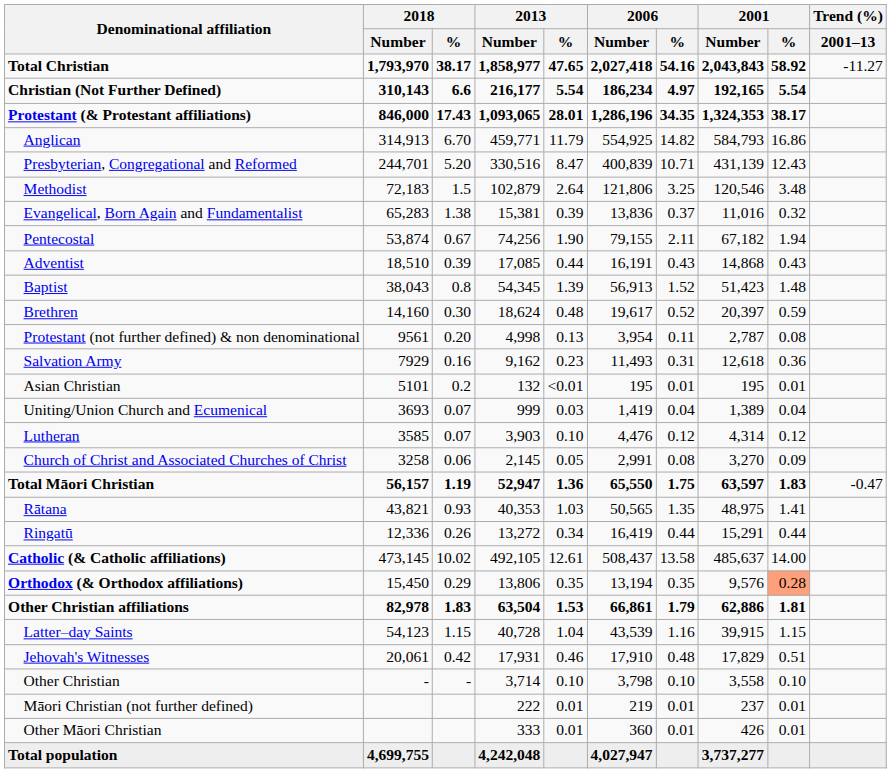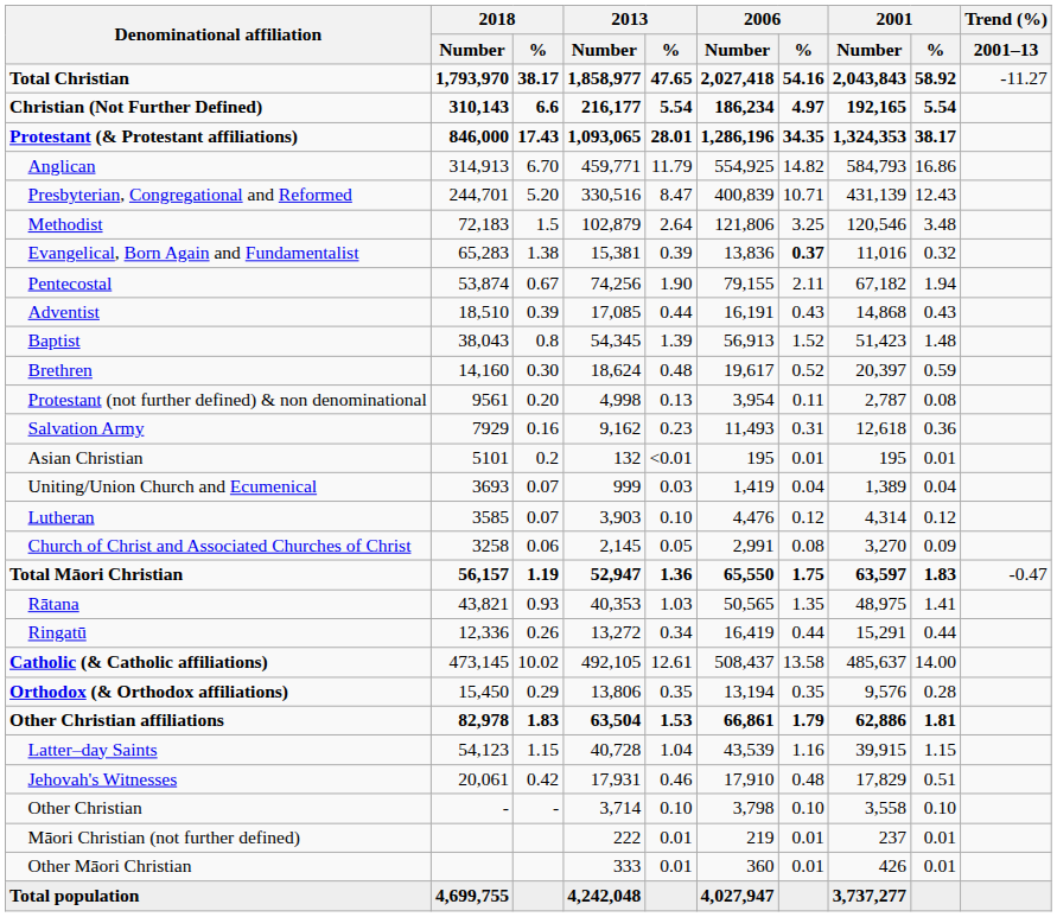 <table class="wikitable">
 <tr>
 <th rowspan=2>Denominational affiliation</th>
 <th colspan="2">2018</th>
 <th colspan="2">2013</th>
 <th colspan="2">2006</th>
 <th colspan="2">2001</th>
 <th>Trend (%)</th>
 </tr>
 <tr>
 <th>Number</th>
 <th>%</th>
 <th>Number</th>
 <th>%</th>
 <th>Number</th>
 <th>%</th>
 <th>Number</th>
 <th>%</th>
 <th>2001–13</th>
 </tr>
 <tr align=right>
 <td align=left><strong>Total Christian</strong></td>
 <td><strong>1,793,970</strong></td>
 <td><strong>38.17</strong></td>
 <td><strong>1,858,977</strong></td>
 <td><strong>47.65</strong></td>
 <td><strong>2,027,418</strong></td>
 <td><strong>54.16</strong></td>
 <td><strong>2,043,843</strong></td>
 <td><strong>58.92</strong></td>
 <td> -11.27</td>
 </tr>
 <tr align="right">
 <td align="left"><strong>Christian (Not Further Defined)</strong></td>
 <td><strong>310,143</strong></td>
 <td><strong>6.6</strong></td>
 <td><strong>216,177</strong></td>
 <td><strong>5.54</strong></td>
 <td><strong>186,234</strong></td>
 <td><strong>4.97</strong></td>
 <td><strong>192,165</strong></td>
 <td><strong>5.54</strong></td>
 <td><strong></strong></td>
 </tr>
 <tr align="right">
 <td align="left"><strong><a href='#'>Protestant</a> (& Protestant affiliations)</strong></td>
 <td><strong>846,000</strong></td>
 <td><strong>17.43</strong></td>
 <td><strong>1,093,065</strong></td>
 <td><strong>28.01</strong></td>
 <td><strong>1,286,196</strong></td>
 <td><strong>34.35</strong></td>
 <td><strong>1,324,353</strong></td>
 <td><strong>38.17</strong></td>
 <td></td>
 </tr>
 <tr align="right">
 <td align="left">    <a href='#'>Anglican</a></td>
 <td>314,913</td>
 <td>6.70</td>
 <td>459,771</td>
 <td>11.79</td>
 <td>554,925</td>
 <td>14.82</td>
 <td>584,793</td>
 <td>16.86</td>
 <td></td>
 </tr>
 <tr align="right">
 <td align="left">    <a href='#'>Presbyterian</a>, <a href='#'>Congregational</a> and <a href='#'>Reformed</a></td>
 <td>244,701</td>
 <td>5.20</td>
 <td>330,516</td>
 <td>8.47</td>
 <td>400,839</td>
 <td>10.71</td>
 <td>431,139</td>
 <td>12.43</td>
 <td></td>
 </tr>
 <tr align=right>
 <td align=left>    <a href='#'>Methodist</a></td>
 <td>72,183</td>
 <td>1.5</td>
 <td>102,879</td>
 <td>2.64</td>
 <td>121,806</td>
 <td>3.25</td>
 <td>120,546</td>
 <td>3.48</td>
 <td></td>
 </tr>
 <tr align="right">
 <td align="left">    <a href='#'>Evangelical</a>, <a href='#'>Born Again</a> and <a href='#'>Fundamentalist</a></td>
 <td>65,283</td>
 <td>1.38</td>
 <td>15,381</td>
 <td>0.39</td>
 <td>13,836</td>
-<td>0.37</td>
+<td><strong>0.37</strong></td>
 <td>11,016</td>
 <td>0.32</td>
 <td></td>
 </tr>
 <tr align="right">
 <td align="left">    <a href='#'>Pentecostal</a></td>
 <td>53,874</td>
 <td>0.67</td>
 <td>74,256</td>
 <td>1.90</td>
 <td>79,155</td>
 <td>2.11</td>
 <td>67,182</td>
 <td>1.94</td>
 <td></td>
 </tr>
 <tr align="right">
 <td align="left">    <a href='#'>Adventist</a></td>
 <td>18,510</td>
 <td>0.39</td>
 <td>17,085</td>
 <td>0.44</td>
 <td>16,191</td>
 <td>0.43</td>
 <td>14,868</td>
 <td>0.43</td>
 <td></td>
 </tr>
 <tr align="right">
 <td align="left">    <a href='#'>Baptist</a></td>
 <td>38,043</td>
 <td>0.8</td>
 <td>54,345</td>
 <td>1.39</td>
 <td>56,913</td>
 <td>1.52</td>
 <td>51,423</td>
 <td>1.48</td>
 <td></td>
 </tr>
 <tr align="right">
 <td align="left">    <a href='#'>Brethren</a></td>
 <td>14,160</td>
 <td>0.30</td>
 <td>18,624</td>
 <td>0.48</td>
 <td>19,617</td>
 <td>0.52</td>
 <td>20,397</td>
 <td>0.59</td>
 <td></td>
 </tr>
 <tr align="right">
 <td align="left">    <a href='#'>Protestant</a> (not further defined) & non denominational</td>
 <td>9561</td>
 <td>0.20</td>
 <td>4,998</td>
 <td>0.13</td>
 <td>3,954</td>
 <td>0.11</td>
 <td>2,787</td>
 <td>0.08</td>
 <td></td>
 </tr>
 <tr align="right">
 <td align="left">    <a href='#'>Salvation Army</a></td>
 <td>7929</td>
 <td>0.16</td>
 <td>9,162</td>
 <td>0.23</td>
 <td>11,493</td>
 <td>0.31</td>
 <td>12,618</td>
 <td>0.36</td>
 <td></td>
 </tr>
 <tr align="right">
 <td align="left">    Asian Christian</td>
 <td>5101</td>
 <td>0.2</td>
 <td>132</td>
 <td><0.01</td>
 <td>195</td>
 <td>0.01</td>
 <td>195</td>
 <td>0.01</td>
 <td></td>
 </tr>
 <tr align="right">
 <td align="left">    Uniting/Union Church and <a href='#'>Ecumenical</a></td>
 <td>3693</td>
 <td>0.07</td>
 <td>999</td>
 <td>0.03</td>
 <td>1,419</td>
 <td>0.04</td>
 <td>1,389</td>
 <td>0.04</td>
 <td></td>
 </tr>
 <tr align="right">
 <td align="left">    <a href='#'>Lutheran</a></td>
 <td>3585</td>
 <td>0.07</td>
 <td>3,903</td>
 <td>0.10</td>
 <td>4,476</td>
 <td>0.12</td>
 <td>4,314</td>
 <td>0.12</td>
 <td></td>
 </tr>
 <tr align="right">
 <td align="left">    <a href='#'>Church of Christ and Associated Churches of Christ</a></td>
 <td>3258</td>
 <td>0.06</td>
 <td>2,145</td>
 <td>0.05</td>
 <td>2,991</td>
 <td>0.08</td>
 <td>3,270</td>
 <td>0.09</td>
 <td></td>
 </tr>
 <tr align="right">
 <td align="left"><strong>Total Māori Christian</strong></td>
 <td><strong>56,157</strong></td>
 <td><strong>1.19</strong></td>
 <td><strong>52,947</strong></td>
 <td><strong>1.36</strong></td>
 <td><strong>65,550</strong></td>
 <td><strong>1.75</strong></td>
 <td><strong>63,597</strong></td>
 <td><strong>1.83</strong></td>
 <td> -0.47</td>
 </tr>
 <tr align="right">
 <td align="left">    <a href='#'>Rātana</a></td>
 <td>43,821</td>
 <td>0.93</td>
 <td>40,353</td>
 <td>1.03</td>
 <td>50,565</td>
 <td>1.35</td>
 <td>48,975</td>
 <td>1.41</td>
 <td></td>
 </tr>
 <tr align="right">
 <td align="left">    <a href='#'>Ringatū</a></td>
 <td>12,336</td>
 <td>0.26</td>
 <td>13,272</td>
 <td>0.34</td>
 <td>16,419</td>
 <td>0.44</td>
 <td>15,291</td>
 <td>0.44</td>
 <td></td>
 </tr>
 <tr align="right">
 <td align="left"><strong><a href='#'>Catholic</a> (& Catholic affiliations)</strong></td>
 <td>473,145</td>
 <td>10.02</td>
 <td>492,105</td>
 <td>12.61</td>
 <td>508,437</td>
 <td>13.58</td>
 <td>485,637</td>
 <td>14.00</td>
 <td></td>
 </tr>
 <tr align="right">
 <td align="left"><strong><a href='#'>Orthodox</a> (& Orthodox affiliations)</strong></td>
 <td>15,450</td>
 <td>0.29</td>
 <td>13,806</td>
 <td>0.35</td>
 <td>13,194</td>
 <td>0.35</td>
 <td>9,576</td>
-<td style="background: lightsalmon;">0.28</td>
+<td>0.28</td>
 <td></td>
 </tr>
 <tr align="right">
 <td align="left"><strong>Other Christian affiliations</strong></td>
 <td><strong>82,978</strong></td>
 <td><strong>1.83</strong></td>
 <td><strong>63,504</strong></td>
 <td><strong>1.53</strong></td>
 <td><strong>66,861</strong></td>
 <td><strong>1.79</strong></td>
 <td><strong>62,886</strong></td>
 <td><strong>1.81</strong></td>
 <td></td>
 </tr>
 <tr align="right">
 <td align="left">    <a href='#'>Latter–day Saints</a></td>
 <td>54,123</td>
 <td>1.15</td>
 <td>40,728</td>
 <td>1.04</td>
 <td>43,539</td>
 <td>1.16</td>
 <td>39,915</td>
 <td>1.15</td>
 <td></td>
 </tr>
 <tr align="right">
 <td align="left">    <a href='#'>Jehovah's Witnesses</a></td>
 <td>20,061</td>
 <td>0.42</td>
 <td>17,931</td>
 <td>0.46</td>
 <td>17,910</td>
 <td>0.48</td>
 <td>17,829</td>
 <td>0.51</td>
 <td></td>
 </tr>
 <tr align="right">
 <td align="left">    Other Christian</td>
 <td>-</td>
 <td>-</td>
 <td>3,714</td>
 <td>0.10</td>
 <td>3,798</td>
 <td>0.10</td>
 <td>3,558</td>
 <td>0.10</td>
 <td></td>
 </tr>
 <tr align="right" || −0.10>
 <td align="left">    Māori Christian (not further defined)</td>
 <td></td>
 <td></td>
 <td>222</td>
 <td>0.01</td>
 <td>219</td>
 <td>0.01</td>
 <td>237</td>
 <td>0.01</td>
 <td></td>
 </tr>
 <tr align="right">
 <td align="left">    Other Māori Christian</td>
 <td></td>
 <td></td>
 <td>333</td>
 <td>0.01</td>
 <td>360</td>
 <td>0.01</td>
 <td>426</td>
 <td>0.01</td>
 <td></td>
 </tr>
 <tr align="right" bgcolor="#EEEEEE">
 <td align="left"><strong>Total population</strong></td>
 <td><strong>4,699,755</strong></td>
 <td></td>
 <td><strong>4,242,048</strong></td>
 <td></td>
 <td><strong>4,027,947</strong></td>
 <td></td>
 <td><strong>3,737,277</strong></td>
 <td></td>
 <td></td>
 </tr>
 </table>
